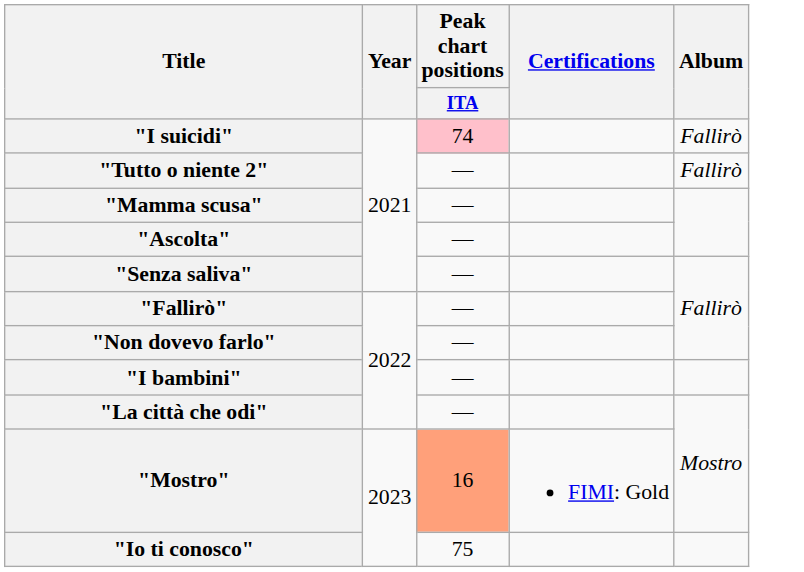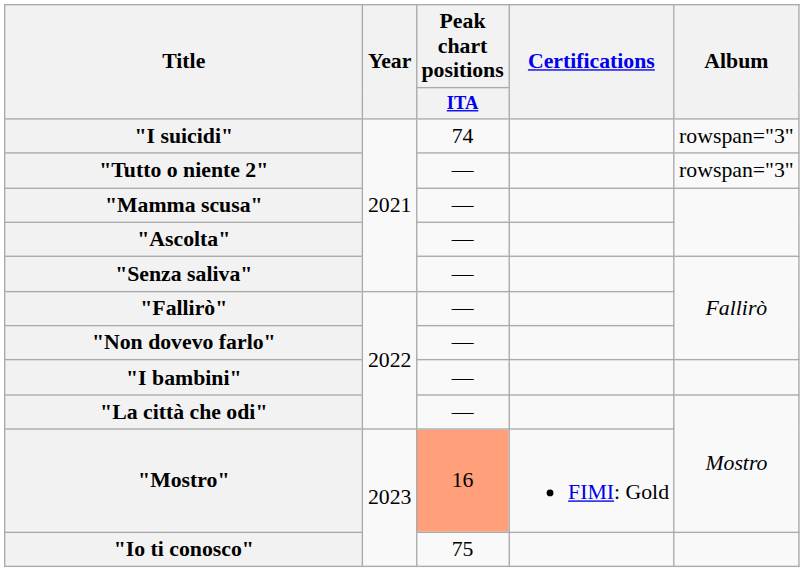 <table class="wikitable plainrowheaders" style="text-align:center;">
 <tr>
 <th rowspan="2" scope="col" style="width:16em;">Title</th>
 <th rowspan="2" scope="col" style="width:1em;">Year</th>
 <th scope="col">Peak chart positions</th>
 <th rowspan="2" scope="col"><a href='#'>Certifications</a></th>
 <th rowspan="2">Album</th>
 </tr>
 <tr>
 <th scope="col" style="width:3em;font-size:85%;"><a href='#'>ITA</a><br></th>
 </tr>
 <tr>
 <th scope="row">"I suicidi"</th>
 <td rowspan="5">2021</td>
-<td style="background: pink;">74</td>
+<td>74</td>
 <td></td>
-<td><em>Fallirò</em></td>
+<td>rowspan="3" </td>
 </tr>
 <tr>
 <th scope="row">"Tutto o niente 2"</th>
 <td>—</td>
 <td></td>
-<td><em>Fallirò</em></td>
+<td>rowspan="3" </td>
 </tr>
 <tr>
 <th scope="row">"Mamma scusa"</th>
 <td>—</td>
 <td></td>
 </tr>
 <tr>
 <th scope="row">"Ascolta"</th>
 <td>—</td>
 <td></td>
 </tr>
 <tr>
 <th scope="row">"Senza saliva"</th>
 <td>—</td>
 <td></td>
 <td rowspan="3"><em>Fallirò</em></td>
 </tr>
 <tr>
 <th scope="row">"Fallirò"</th>
 <td rowspan="4">2022</td>
 <td>—</td>
 <td></td>
 </tr>
 <tr>
 <th scope="row">"Non dovevo farlo"</th>
 <td>—</td>
 <td></td>
 </tr>
 <tr>
 <th scope="row">"I bambini"</th>
 <td>—</td>
 <td></td>
 <td></td>
 </tr>
 <tr>
 <th scope="row">"La città che odi"</th>
 <td>—</td>
 <td></td>
 <td rowspan="2"><em>Mostro</em></td>
 </tr>
 <tr>
 <th scope="row">"Mostro"</th>
 <td rowspan="2">2023</td>
 <td style="background: lightsalmon;">16</td>
 <td><br><ul><li><a href='#'>FIMI</a>: Gold</li></ul></td>
 </tr>
 <tr>
 <th scope="row">"Io ti conosco"<br></th>
 <td>75<br></td>
 <td></td>
 <td></td>
 </tr>
 </table>
